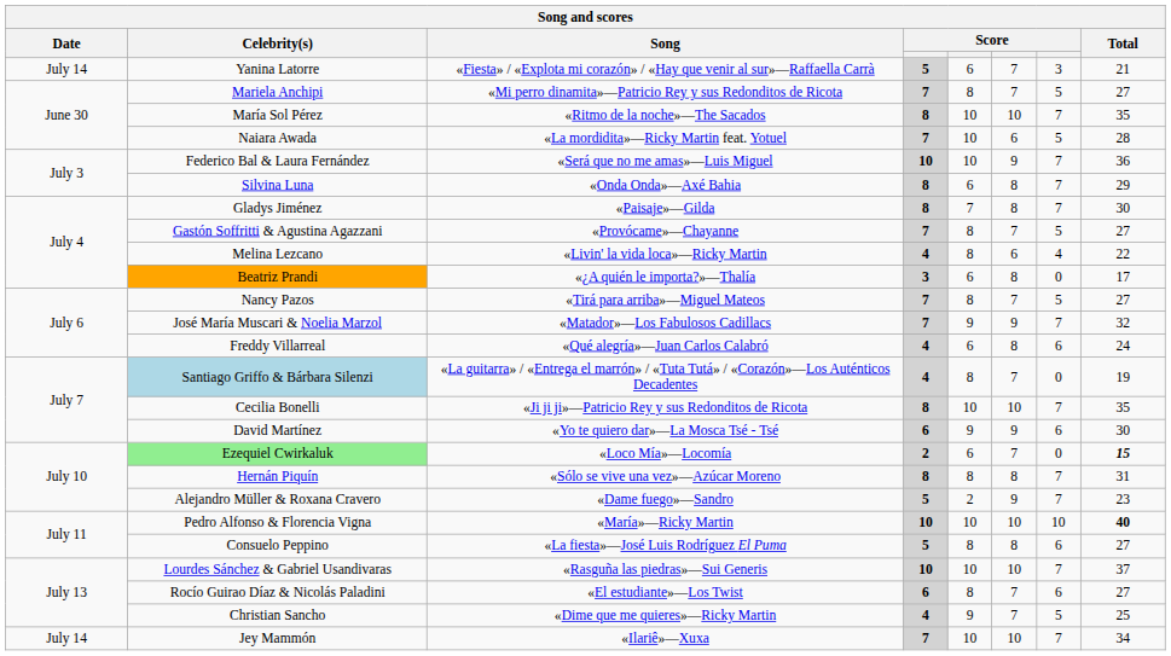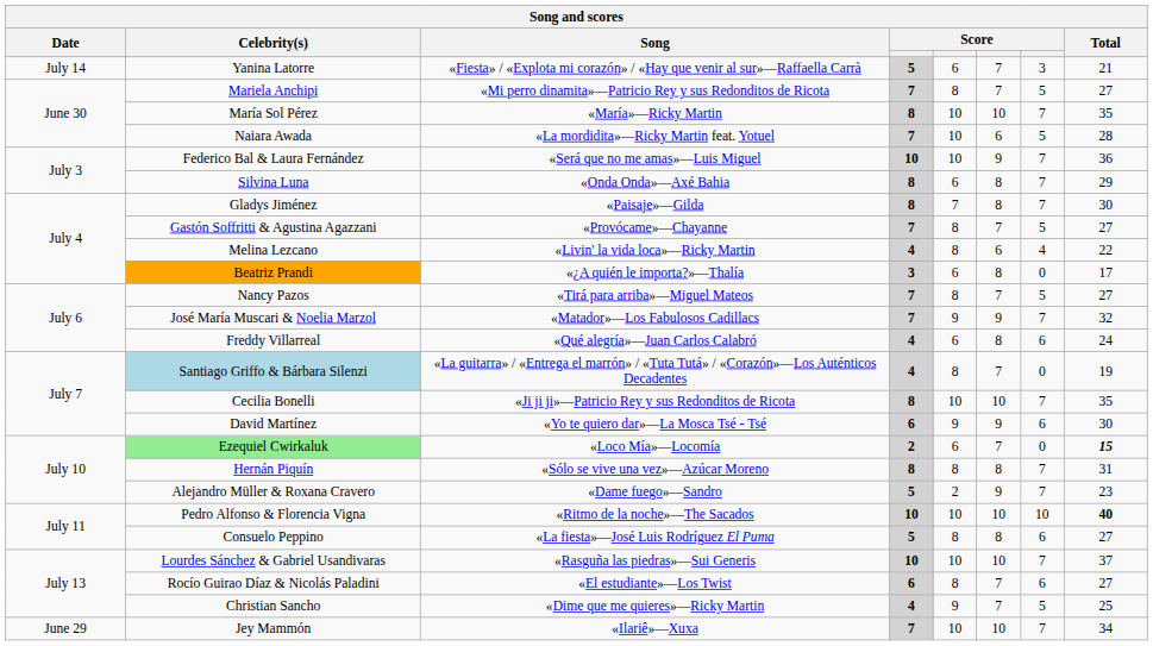 <table class="wikitable collapsible collapsed" style="font-size:95%; text-align: center; width: 100%;">
 <tr>
 <th colspan="11" style="with: 100%;" align=center>Song and scores</th>
 </tr>
 <tr>
 <th rowspan="2" width=90>Date</th>
 <th rowspan="2" width=230>Celebrity(s)</th>
 <th rowspan="2" width=370>Song</th>
 <th colspan="4">Score</th>
 <th rowspan="2" width=60>Total</th>
 </tr>
 <tr>
 <th width=28></th>
 <th width=28></th>
 <th width=28></th>
 <th width=28></th>
 </tr>
 <tr>
 <td rowspan="1">July 14</td>
 <td bgcolor="">Yanina Latorre</td>
 <td>«<a href='#'>Fiesta</a>» / «<a href='#'>Explota mi corazón</a>» / «<a href='#'>Hay que venir al sur</a>»—<a href='#'>Raffaella Carrà</a></td>
 <td bgcolor="lightgrey"><strong>5</strong></td>
 <td>6</td>
 <td>7</td>
 <td>3</td>
 <td>21</td>
 </tr>
 <tr>
 <td rowspan="3">June 30</td>
 <td bgcolor=""><a href='#'>Mariela Anchipi</a></td>
 <td>«<a href='#'>Mi perro dinamita</a>»—<a href='#'>Patricio Rey y sus Redonditos de Ricota</a></td>
 <td bgcolor="lightgrey"><strong>7</strong></td>
 <td>8</td>
 <td>7</td>
 <td>5</td>
 <td>27</td>
 </tr>
 <tr>
 <td bgcolor="">María Sol Pérez</td>
-<td>«<a href='#'>Ritmo de la noche</a>»—<a href='#'>The Sacados</a></td>
+<td>«<a href='#'>María</a>»—<a href='#'>Ricky Martin</a></td>
 <td bgcolor="lightgrey"><strong>8</strong></td>
 <td>10</td>
 <td>10</td>
 <td>7</td>
 <td>35</td>
 </tr>
 <tr>
 <td bgcolor="">Naiara Awada</td>
 <td>«<a href='#'>La mordidita</a>»—<a href='#'>Ricky Martin</a> feat. <a href='#'>Yotuel</a></td>
 <td bgcolor="lightgrey"><strong>7</strong></td>
 <td>10</td>
 <td>6</td>
 <td>5</td>
 <td>28</td>
 </tr>
 <tr>
 <td rowspan="2">July 3</td>
 <td bgcolor="">Federico Bal & Laura Fernández</td>
 <td>«<a href='#'>Será que no me amas</a>»—<a href='#'>Luis Miguel</a></td>
 <td bgcolor="lightgrey"><strong>10</strong></td>
 <td>10</td>
 <td>9</td>
 <td>7</td>
 <td>36</td>
 </tr>
 <tr>
 <td bgcolor=""><a href='#'>Silvina Luna</a></td>
 <td>«<a href='#'>Onda Onda</a>»—<a href='#'>Axé Bahia</a></td>
 <td bgcolor="lightgrey"><strong>8</strong></td>
 <td>6</td>
 <td>8</td>
 <td>7</td>
 <td>29</td>
 </tr>
 <tr>
 <td rowspan="4">July 4</td>
 <td bgcolor="">Gladys Jiménez</td>
 <td>«<a href='#'>Paisaje</a>»—<a href='#'>Gilda</a></td>
 <td bgcolor="lightgrey"><strong>8</strong></td>
 <td>7</td>
 <td>8</td>
 <td>7</td>
 <td>30</td>
 </tr>
 <tr>
 <td bgcolor=""><a href='#'>Gastón Soffritti</a> & Agustina Agazzani</td>
 <td>«<a href='#'>Provócame</a>»—<a href='#'>Chayanne</a></td>
 <td bgcolor="lightgrey"><strong>7</strong></td>
 <td>8</td>
 <td>7</td>
 <td>5</td>
 <td>27</td>
 </tr>
 <tr>
 <td bgcolor="">Melina Lezcano</td>
 <td>«<a href='#'>Livin' la vida loca</a>»—<a href='#'>Ricky Martin</a></td>
 <td bgcolor="lightgrey"><strong>4</strong></td>
 <td>8</td>
 <td>6</td>
 <td>4</td>
 <td>22</td>
 </tr>
 <tr>
 <td bgcolor="orange">Beatriz Prandi</td>
 <td>«<a href='#'>¿A quién le importa?</a>»—<a href='#'>Thalía</a></td>
 <td bgcolor="lightgrey"><strong>3</strong></td>
 <td>6</td>
 <td>8</td>
 <td>0</td>
 <td>17</td>
 </tr>
 <tr>
 <td rowspan="3">July 6</td>
 <td bgcolor="">Nancy Pazos</td>
 <td>«<a href='#'>Tirá para arriba</a>»—<a href='#'>Miguel Mateos</a></td>
 <td bgcolor="lightgrey"><strong>7</strong></td>
 <td>8</td>
 <td>7</td>
 <td>5</td>
 <td>27</td>
 </tr>
 <tr>
 <td bgcolor="">José María Muscari & <a href='#'>Noelia Marzol</a></td>
 <td>«<a href='#'>Matador</a>»—<a href='#'>Los Fabulosos Cadillacs</a></td>
 <td bgcolor="lightgrey"><strong>7</strong></td>
 <td>9</td>
 <td>9</td>
 <td>7</td>
 <td>32</td>
 </tr>
 <tr>
 <td bgcolor="">Freddy Villarreal</td>
 <td>«<a href='#'>Qué alegría</a>»—<a href='#'>Juan Carlos Calabró</a> </td>
 <td bgcolor="lightgrey"><strong>4</strong></td>
 <td>6</td>
 <td>8</td>
 <td>6</td>
 <td>24</td>
 </tr>
 <tr>
 <td rowspan="3">July 7</td>
 <td bgcolor="lightblue">Santiago Griffo & Bárbara Silenzi</td>
 <td>«<a href='#'>La guitarra</a>» / «<a href='#'>Entrega el marrón</a>» / «<a href='#'>Tuta Tutá</a>» / «<a href='#'>Corazón</a>»—<a href='#'>Los Auténticos Decadentes</a></td>
 <td bgcolor="lightgrey"><strong>4</strong></td>
 <td>8</td>
 <td>7</td>
 <td>0</td>
 <td>19</td>
 </tr>
 <tr>
 <td bgcolor="">Cecilia Bonelli</td>
 <td>«<a href='#'>Ji ji ji</a>»—<a href='#'>Patricio Rey y sus Redonditos de Ricota</a></td>
 <td bgcolor="lightgrey"><strong>8</strong></td>
 <td>10</td>
 <td>10</td>
 <td>7</td>
 <td>35</td>
 </tr>
 <tr>
 <td bgcolor="">David Martínez</td>
 <td>«<a href='#'>Yo te quiero dar</a>»—<a href='#'>La Mosca Tsé - Tsé</a></td>
 <td bgcolor="lightgrey"><strong>6</strong></td>
 <td>9</td>
 <td>9</td>
 <td>6</td>
 <td>30</td>
 </tr>
 <tr>
 <td rowspan="3">July 10</td>
 <td bgcolor="lightgreen">Ezequiel Cwirkaluk</td>
 <td>«<a href='#'>Loco Mía</a>»—<a href='#'>Locomía</a></td>
 <td bgcolor="lightgrey"><strong>2</strong></td>
 <td>6</td>
 <td>7</td>
 <td>0</td>
 <td><span><strong><em>15</em></strong></span></td>
 </tr>
 <tr>
 <td bgcolor=""><a href='#'>Hernán Piquín</a></td>
 <td>«<a href='#'>Sólo se vive una vez</a>»—<a href='#'>Azúcar Moreno</a></td>
 <td bgcolor="lightgrey"><strong>8</strong></td>
 <td>8</td>
 <td>8</td>
 <td>7</td>
 <td>31</td>
 </tr>
 <tr>
 <td bgcolor="">Alejandro Müller & Roxana Cravero</td>
 <td>«<a href='#'>Dame fuego</a>»—<a href='#'>Sandro</a></td>
 <td bgcolor="lightgrey"><strong>5</strong></td>
 <td>2</td>
 <td>9</td>
 <td>7</td>
 <td>23</td>
 </tr>
 <tr>
 <td rowspan="2">July 11</td>
 <td bgcolor="">Pedro Alfonso & Florencia Vigna</td>
-<td>«<a href='#'>María</a>»—<a href='#'>Ricky Martin</a></td>
+<td>«<a href='#'>Ritmo de la noche</a>»—<a href='#'>The Sacados</a></td>
 <td bgcolor="lightgrey"><strong>10</strong></td>
 <td>10</td>
 <td>10</td>
 <td>10</td>
 <td><span><strong>40</strong></span></td>
 </tr>
 <tr>
 <td bgcolor="">Consuelo Peppino</td>
 <td>«<a href='#'>La fiesta</a>»—<a href='#'>José Luis Rodríguez <em>El Puma</em></a></td>
 <td bgcolor="lightgrey"><strong>5</strong></td>
 <td>8</td>
 <td>8</td>
 <td>6</td>
 <td>27</td>
 </tr>
 <tr>
 <td rowspan="3">July 13</td>
 <td bgcolor=""><a href='#'>Lourdes Sánchez</a> & Gabriel Usandivaras</td>
 <td>«<a href='#'>Rasguña las piedras</a>»—<a href='#'>Sui Generis</a></td>
 <td bgcolor="lightgrey"><strong>10</strong></td>
 <td>10</td>
 <td>10</td>
 <td>7</td>
 <td>37</td>
 </tr>
 <tr>
 <td bgcolor="">Rocío Guirao Díaz & Nicolás Paladini</td>
 <td>«<a href='#'>El estudiante</a>»—<a href='#'>Los Twist</a></td>
 <td bgcolor="lightgrey"><strong>6</strong></td>
 <td>8</td>
 <td>7</td>
 <td>6</td>
 <td>27</td>
 </tr>
 <tr>
 <td bgcolor="">Christian Sancho</td>
 <td>«<a href='#'>Dime que me quieres</a>»—<a href='#'>Ricky Martin</a></td>
 <td bgcolor="lightgrey"><strong>4</strong></td>
 <td>9</td>
 <td>7</td>
 <td>5</td>
 <td>25</td>
 </tr>
 <tr>
-<td rowspan="1">July 14</td>
+<td rowspan="1">June 29</td>
 <td bgcolor="">Jey Mammón</td>
 <td>«<a href='#'>Ilariê</a>»—<a href='#'>Xuxa</a></td>
 <td bgcolor="lightgrey"><strong>7</strong></td>
 <td>10</td>
 <td>10</td>
 <td>7</td>
 <td>34</td>
 </tr>
 </table>
